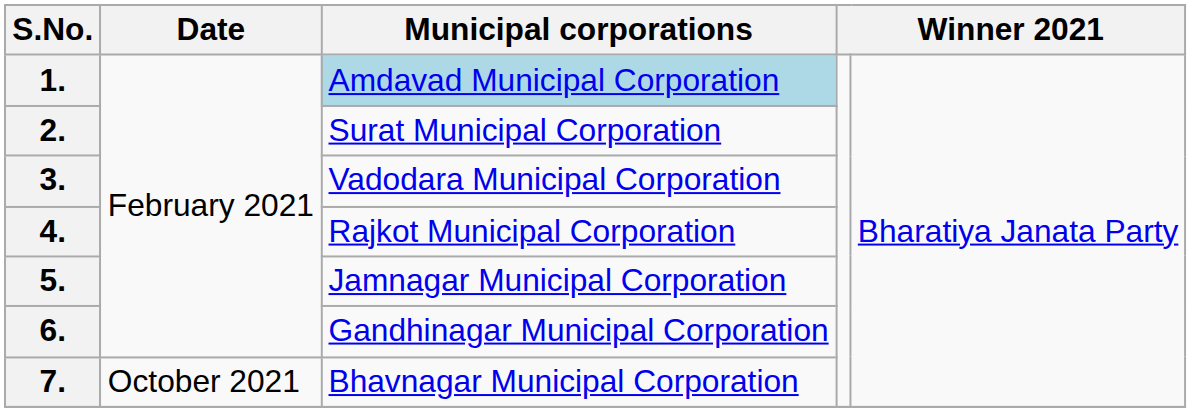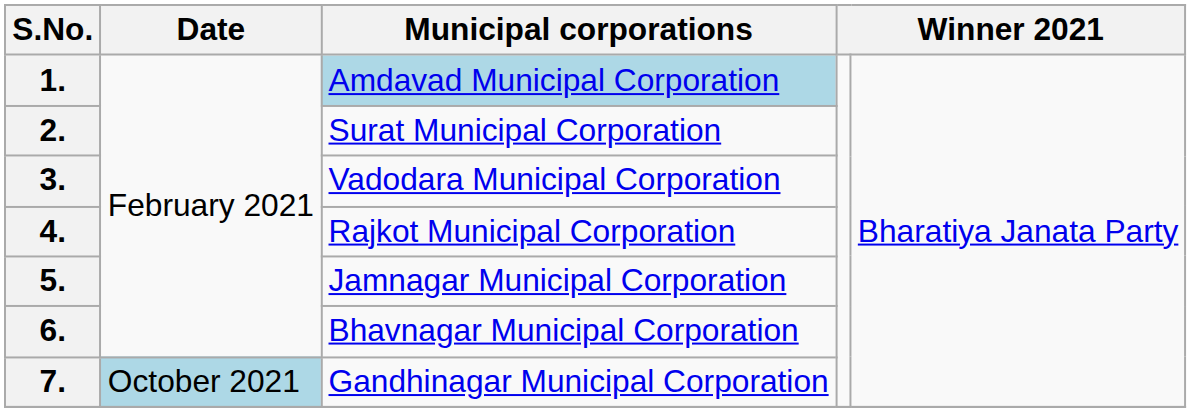 <table class="wikitable sortable">
 <tr>
 <th>S.No.</th>
 <th>Date</th>
 <th>Municipal corporations</th>
 <th colspan="2">Winner 2021</th>
 </tr>
 <tr>
 <th>1.</th>
 <td rowspan="6">February 2021</td>
 <td style="background: lightblue;"><a href='#'>Amdavad Municipal Corporation</a></td>
 <td rowspan="7"></td>
 <td rowspan="7"><a href='#'>Bharatiya Janata Party</a></td>
 </tr>
 <tr>
 <th>2.</th>
 <td><a href='#'>Surat Municipal Corporation</a></td>
 </tr>
 <tr>
 <th>3.</th>
 <td><a href='#'>Vadodara Municipal Corporation</a></td>
 </tr>
 <tr>
 <th>4.</th>
 <td><a href='#'>Rajkot Municipal Corporation</a></td>
 </tr>
 <tr>
 <th>5.</th>
 <td><a href='#'>Jamnagar Municipal Corporation</a></td>
 </tr>
 <tr>
 <th>6.</th>
-<td><a href='#'>Gandhinagar Municipal Corporation</a></td>
+<td><a href='#'>Bhavnagar Municipal Corporation</a></td>
 </tr>
 <tr>
 <th>7.</th>
-<td>October 2021</td>
-<td><a href='#'>Bhavnagar Municipal Corporation</a></td>
+<td style="background: lightblue;">October 2021</td>
+<td><a href='#'>Gandhinagar Municipal Corporation</a></td>
 </tr>
 <tr>
 </tr>
 </table>
